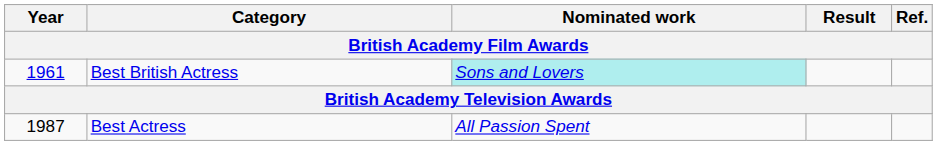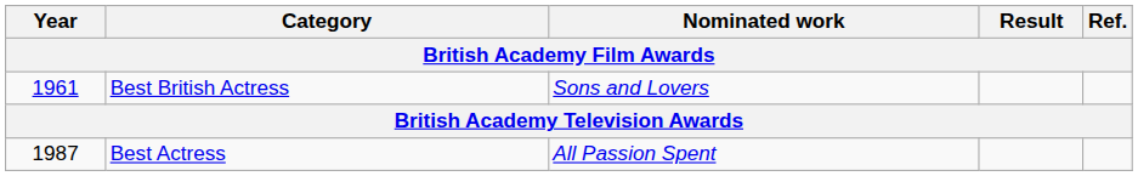 <table class="wikitable">
 <tr>
 <th scope="col" style="width:5em;">Year</th>
 <th scope="col" style="width:26em;">Category</th>
 <th scope="col" style="width:25em;">Nominated work</th>
 <th scope="col" style="width:5em;">Result</th>
 <th>Ref.</th>
 </tr>
 <tr>
 <th colspan="5"><a href='#'>British Academy Film Awards</a></th>
 </tr>
 <tr>
 <td style="text-align:center;"><a href='#'>1961</a></td>
 <td><a href='#'>Best British Actress</a></td>
-<td style="background: paleturquoise;"><a href='#'><em>Sons and Lovers</em></a></td>
+<td><a href='#'><em>Sons and Lovers</em></a></td>
 <td></td>
 <td></td>
 </tr>
 <tr>
 <th colspan="5"><a href='#'>British Academy Television Awards</a></th>
 </tr>
 <tr>
 <td style="text-align:center;">1987</td>
 <td><a href='#'>Best Actress</a></td>
 <td><a href='#'><em>All Passion Spent</em></a></td>
 <td></td>
 <td></td>
 </tr>
 </table>
